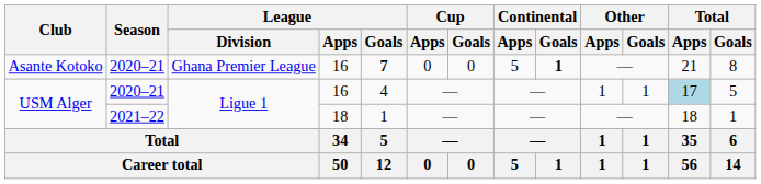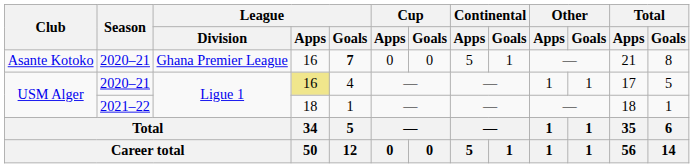 <table class="wikitable" style="text-align: center">
 <tr>
 <th rowspan="2">Club</th>
 <th rowspan="2">Season</th>
 <th colspan="3">League</th>
 <th colspan="2">Cup</th>
 <th colspan="2">Continental</th>
 <th colspan="2">Other</th>
 <th colspan="2">Total</th>
 </tr>
 <tr>
 <th>Division</th>
 <th>Apps</th>
 <th>Goals</th>
 <th>Apps</th>
 <th>Goals</th>
 <th>Apps</th>
 <th>Goals</th>
 <th>Apps</th>
 <th>Goals</th>
 <th>Apps</th>
 <th>Goals</th>
 </tr>
 <tr>
 <td valign="center"><a href='#'>Asante Kotoko</a></td>
 <td><a href='#'>2020–21</a></td>
 <td><a href='#'>Ghana Premier League</a></td>
 <td>16</td>
 <td><strong>7</strong></td>
 <td>0</td>
 <td>0</td>
 <td>5</td>
-<td><strong>1</strong></td>
+<td>1</td>
 <td colspan=2>—</td>
 <td>21</td>
 <td>8</td>
 </tr>
 <tr>
 <td rowspan="2" valign="center"><a href='#'>USM Alger</a></td>
 <td><a href='#'>2020–21</a></td>
 <td rowspan="2" valign="center"><a href='#'>Ligue 1</a></td>
-<td>16</td>
+<td style="background: khaki;">16</td>
 <td>4</td>
 <td colspan="2">—</td>
 <td colspan=2>—</td>
 <td>1</td>
 <td>1</td>
-<td style="background: lightblue;">17</td>
+<td>17</td>
 <td>5</td>
 </tr>
 <tr>
 <td><a href='#'>2021–22</a></td>
 <td>18</td>
 <td>1</td>
 <td colspan=2>—</td>
 <td colspan=2>—</td>
 <td colspan=2>—</td>
 <td>18</td>
 <td>1</td>
 </tr>
 <tr>
 <th colspan="3">Total</th>
 <th>34</th>
 <th>5</th>
 <th colspan=2>—</th>
 <th colspan=2>—</th>
 <th>1</th>
 <th>1</th>
 <th>35</th>
 <th>6</th>
 </tr>
 <tr>
 <th colspan="3">Career total</th>
 <th>50</th>
 <th>12</th>
 <th>0</th>
 <th>0</th>
 <th>5</th>
 <th>1</th>
 <th>1</th>
 <th>1</th>
 <th>56</th>
 <th>14</th>
 </tr>
 </table>
